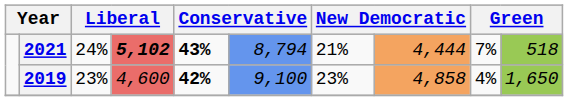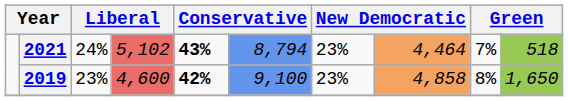 <table class="wikitable" style="float:right; width:400; font-size:90%; margin-left:1em;">
 <tr>
 <th colspan="2" scope="col">Year</th>
 <th colspan="2" scope="col"><a href='#'>Liberal</a></th>
 <th colspan="2" scope="col"><a href='#'>Conservative</a></th>
 <th colspan="2" scope="col"><a href='#'>New Democratic</a></th>
 <th colspan="2" scope="col"><a href='#'>Green</a></th>
 </tr>
 <tr>
 <td rowspan="2" style="width: 0.25em; background-color: "></td>
 <th><a href='#'>2021</a></th>
 <td>24%</td>
-<td style="text-align:right; background:#EA6D6A;"><strong><em>5,102</em></strong></td>
+<td style="text-align:right; background:#EA6D6A;"><em>5,102</em></td>
 <td><strong>43%</strong></td>
 <td style="text-align:right; background:#6495ED;"><em>8,794</em></td>
-<td>21%</td>
-<td style="text-align:right; background:#F4A460;"><em>4,444</em></td>
+<td>23%</td>
+<td style="text-align:right; background:#F4A460;"><em>4,464</em></td>
 <td>7%</td>
 <td style="text-align:right; background:#99C955;"><em>518</em></td>
 </tr>
 <tr>
 <th><a href='#'>2019</a></th>
 <td>23%</td>
 <td style="text-align:right; background:#EA6D6A;"><em>4,600</em></td>
 <td><strong>42%</strong></td>
 <td style="text-align:right; background:#6495ED;"><em>9,100</em></td>
 <td>23%</td>
 <td style="text-align:right; background:#F4A460;"><em>4,858</em></td>
-<td>4%</td>
+<td>8%</td>
 <td style="text-align:right; background:#99C955;"><em>1,650</em></td>
 </tr>
 <tr>
 </tr>
 </table>
